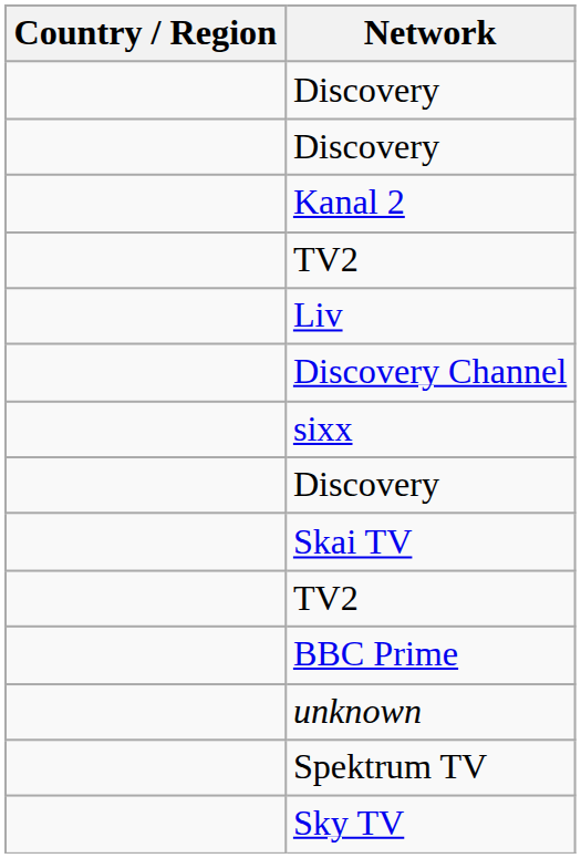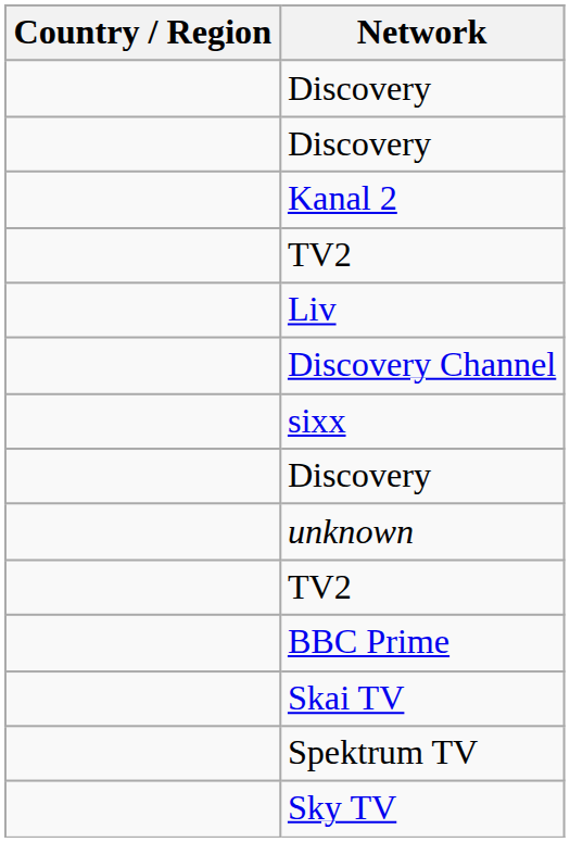 <table class="wikitable">
 <tr>
 <th>Country / Region</th>
 <th>Network</th>
 </tr>
 <tr>
 <td></td>
 <td>Discovery</td>
 </tr>
 <tr>
 <td></td>
 <td>Discovery</td>
 </tr>
 <tr>
 <td></td>
 <td><a href='#'>Kanal 2</a></td>
 </tr>
 <tr>
 <td></td>
 <td>TV2</td>
 </tr>
 <tr>
 <td></td>
 <td><a href='#'>Liv</a></td>
 </tr>
 <tr>
 <td></td>
 <td><a href='#'>Discovery Channel</a></td>
 </tr>
 <tr>
 <td></td>
 <td><a href='#'>sixx</a></td>
 </tr>
 <tr>
 <td></td>
 <td>Discovery</td>
 </tr>
 <tr>
 <td></td>
-<td><a href='#'>Skai TV</a></td>
+<td><em>unknown</em></td>
 </tr>
 <tr>
 <td></td>
 <td>TV2</td>
 </tr>
 <tr>
 <td></td>
 <td><a href='#'>BBC Prime</a></td>
 </tr>
 <tr>
 <td></td>
-<td><em>unknown</em></td>
+<td><a href='#'>Skai TV</a></td>
 </tr>
 <tr>
 <td></td>
 <td>Spektrum TV</td>
 </tr>
 <tr>
 <td></td>
 <td><a href='#'>Sky TV</a></td>
 </tr>
 </table>
